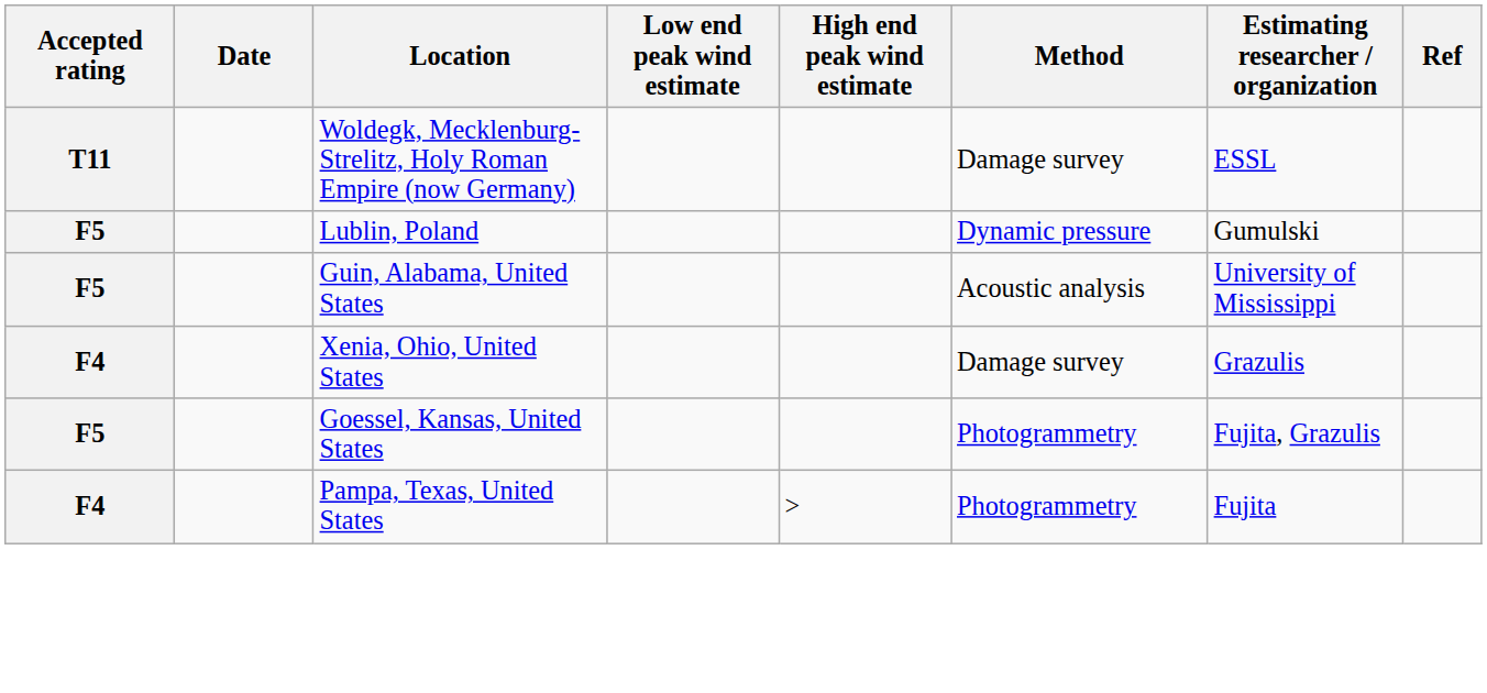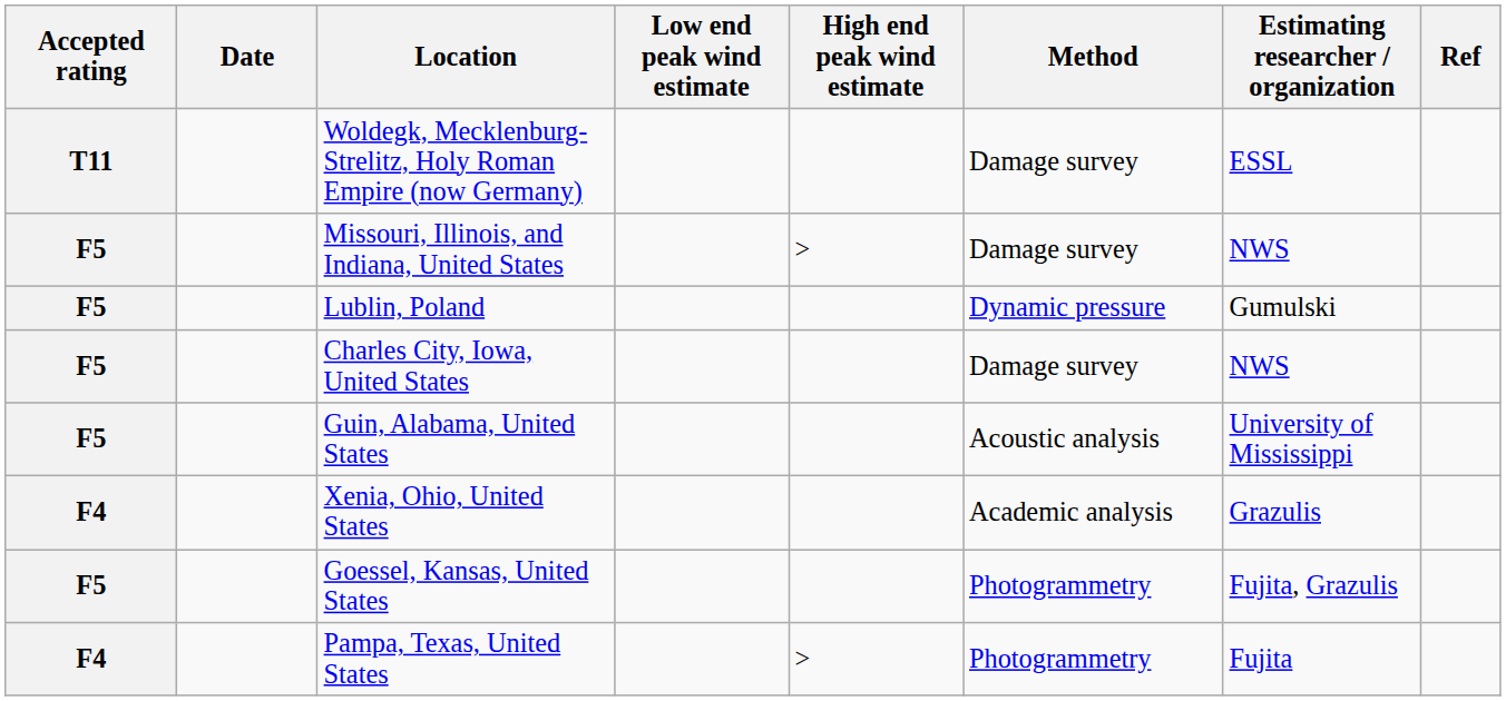 <table class="wikitable sortable" style="width:100%;">
 <tr>
 <th scope="col" style="width:4%;" class="unsortable">Accepted rating</th>
 <th scope="col" style="width:5%;">Date</th>
 <th scope="col" style="width:10%;" class="unsortable">Location</th>
 <th scope="col" style="width:5%;">Low end peak wind estimate</th>
 <th scope="col" style="width:5%;">High end peak wind estimate</th>
 <th scope="col" style="width:5%;">Method</th>
 <th scope="col" style="width:3%;">Estimating researcher / organization</th>
 <th scope="col" style="width:2%;:">Ref</th>
 </tr>
 <tr>
 <th style="background-color:#">T11</th>
 <td></td>
 <td><a href='#'>Woldegk, Mecklenburg-Strelitz, Holy Roman Empire (now Germany)</a></td>
 <td></td>
 <td></td>
 <td>Damage survey</td>
 <td><a href='#'>ESSL</a></td>
 <td></td>
 </tr>
 <tr>
 <th style="background-color:#">F5</th>
 <td></td>
+<td><a href='#'>Missouri, Illinois, and Indiana, United States</a></td>
+<td></td>
+<td>></td>
+<td>Damage survey</td>
+<td><a href='#'>NWS</a></td>
+<td></td>
+</tr>
+<tr>
+<th style="background-color:#">F5</th>
+<td></td>
 <td><a href='#'>Lublin, Poland</a></td>
 <td></td>
 <td></td>
 <td><a href='#'>Dynamic pressure</a></td>
 <td>Gumulski</td>
+<td></td>
+</tr>
+<tr>
+<th style="background-color:#">F5</th>
+<td></td>
+<td><a href='#'>Charles City, Iowa, United States</a></td>
+<td></td>
+<td></td>
+<td>Damage survey</td>
+<td><a href='#'>NWS</a></td>
 <td></td>
 </tr>
 <tr>
 <th style="background-color:#">F5</th>
 <td></td>
 <td><a href='#'>Guin, Alabama, United States</a></td>
 <td></td>
 <td></td>
 <td>Acoustic analysis</td>
 <td><a href='#'>University of Mississippi</a></td>
 <td></td>
 </tr>
 <tr>
 <th style="background-color:#">F4</th>
 <td></td>
 <td><a href='#'>Xenia, Ohio, United States</a></td>
 <td></td>
 <td></td>
-<td>Damage survey</td>
+<td>Academic analysis</td>
 <td><a href='#'>Grazulis</a></td>
 <td></td>
 </tr>
 <tr>
 <th style="background-color:#">F5</th>
 <td></td>
 <td><a href='#'>Goessel, Kansas, United States</a></td>
 <td></td>
 <td></td>
 <td><a href='#'>Photogrammetry</a></td>
 <td><a href='#'>Fujita</a>, <a href='#'>Grazulis</a></td>
 <td></td>
 </tr>
 <tr>
 <th style="background-color:#">F4</th>
 <td></td>
 <td><a href='#'>Pampa, Texas, United States</a></td>
 <td></td>
 <td>></td>
 <td><a href='#'>Photogrammetry</a></td>
 <td><a href='#'>Fujita</a></td>
 <td></td>
 </tr>
 </table>
